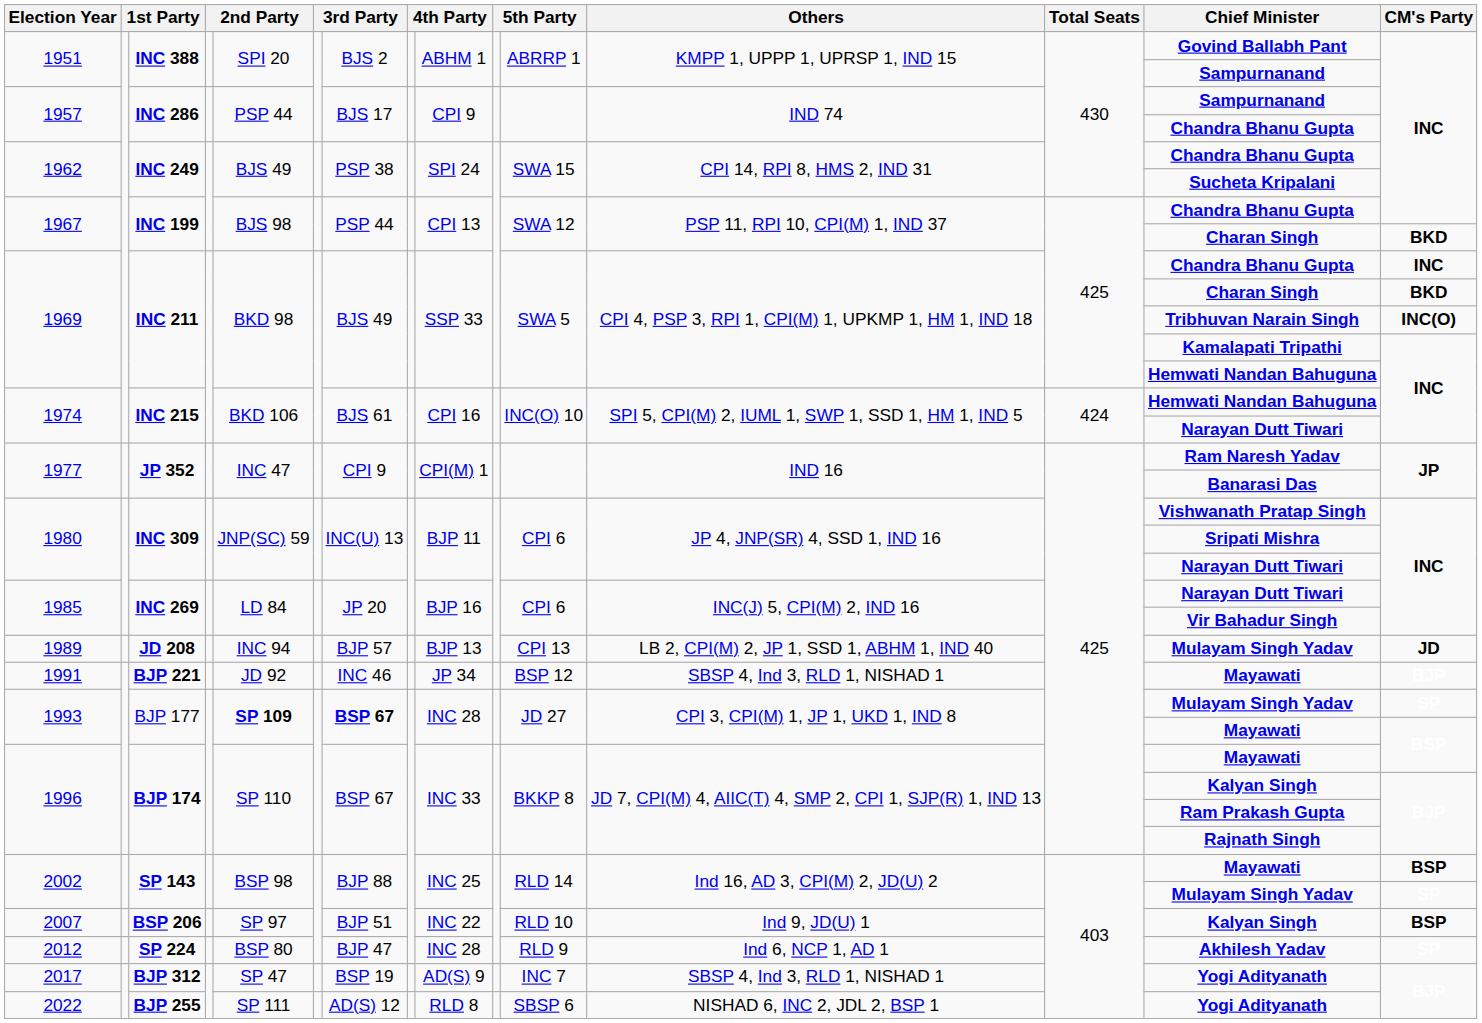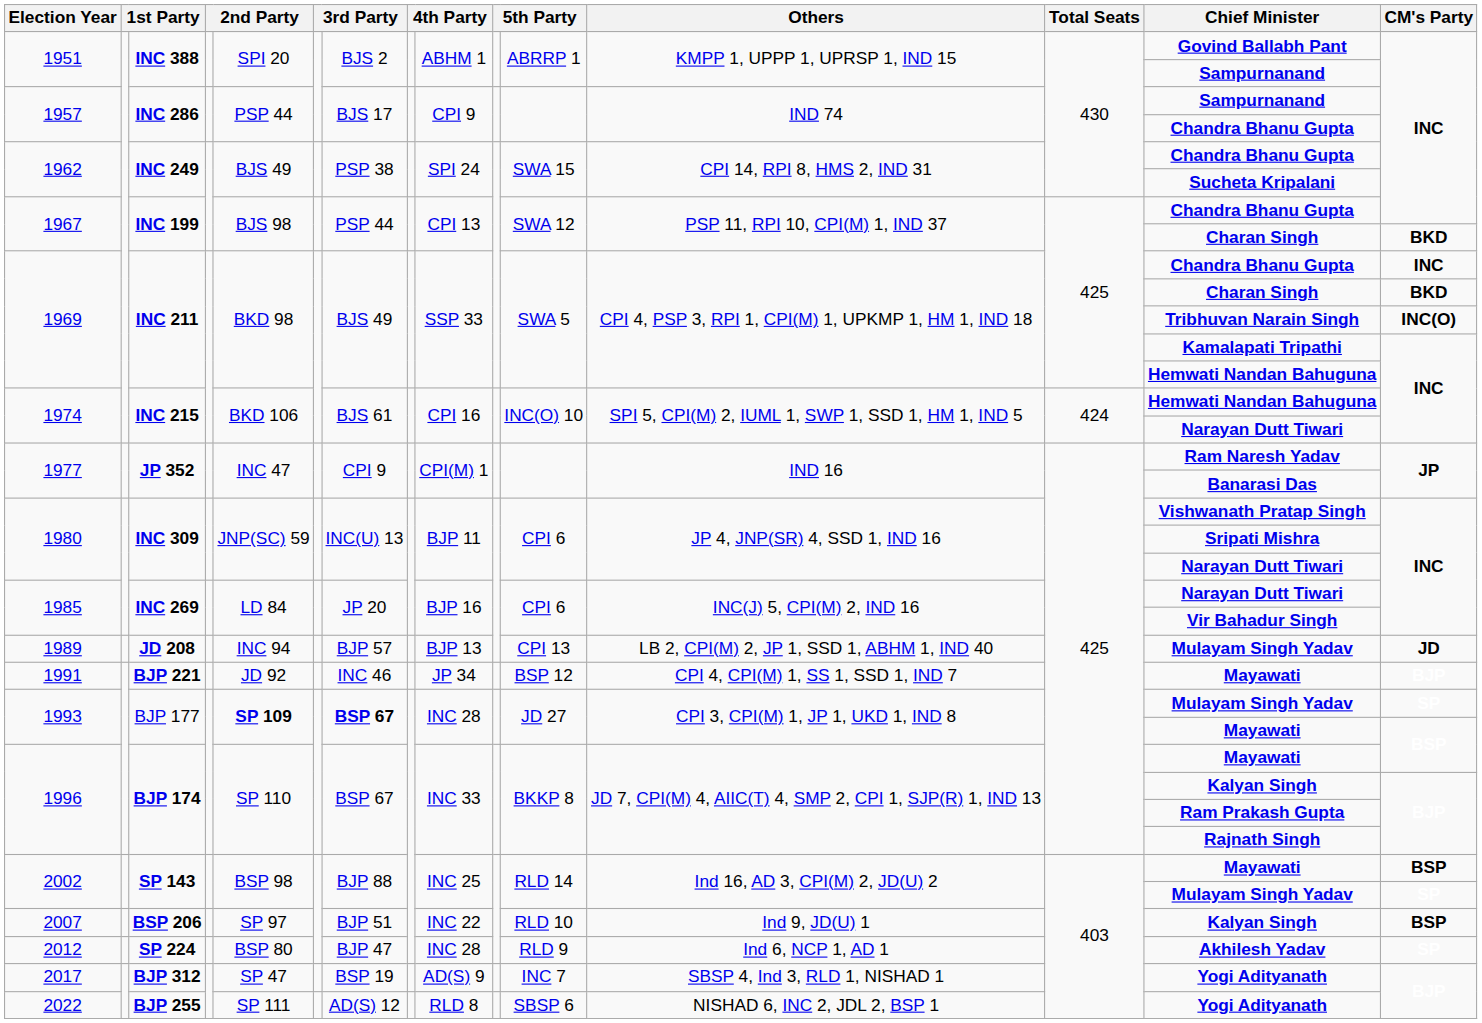 <table class="wikitable" style="text-align:center">
 <tr>
 <th>Election Year</th>
 <th colspan="2">1st Party</th>
 <th colspan="2">2nd Party</th>
 <th colspan="2">3rd Party</th>
 <th colspan="2">4th Party</th>
 <th colspan="2">5th Party</th>
 <th>Others</th>
 <th>Total Seats</th>
 <th>Chief Minister</th>
 <th>CM's Party</th>
 </tr>
 <tr>
 <td rowspan=2><a href='#'>1951</a></td>
 <td rowspan=15 style="background-color: "></td>
 <td rowspan=2><strong><a href='#'>INC</a> 388</strong></td>
 <td rowspan=2 style="background-color: "></td>
 <td rowspan=2><a href='#'>SPI</a> 20</td>
 <td rowspan=4 style="background-color: "></td>
 <td rowspan=2><a href='#'>BJS</a> 2</td>
 <td rowspan=2 style="background-color: "></td>
 <td rowspan=2><a href='#'>ABHM</a> 1</td>
 <td rowspan=2 style="background-color: "></td>
 <td rowspan=2><a href='#'>ABRRP</a> 1</td>
 <td rowspan=2><a href='#'>KMPP</a> 1, UPPP 1, UPRSP 1, <a href='#'>IND</a> 15</td>
 <td rowspan=6>430</td>
 <td><strong><a href='#'>Govind Ballabh Pant</a></strong></td>
 <td rowspan=7 style="background:"><strong>INC</strong></td>
 </tr>
 <tr>
 <td><strong><a href='#'>Sampurnanand</a></strong></td>
 </tr>
 <tr>
 <td rowspan=2><a href='#'>1957</a></td>
 <td rowspan=2><strong><a href='#'>INC</a> 286</strong></td>
 <td rowspan=2 style="background-color: "></td>
 <td rowspan=2><a href='#'>PSP</a> 44</td>
 <td rowspan=2><a href='#'>BJS</a> 17</td>
 <td rowspan=2 style="background-color: "></td>
 <td rowspan=2><a href='#'>CPI</a> 9</td>
 <td rowspan=2></td>
 <td rowspan=2></td>
 <td rowspan=2><a href='#'>IND</a> 74</td>
 <td><strong><a href='#'>Sampurnanand</a></strong></td>
 </tr>
 <tr>
 <td><strong><a href='#'>Chandra Bhanu Gupta</a></strong></td>
 </tr>
 <tr>
 <td rowspan=2><a href='#'>1962</a></td>
 <td rowspan=2><strong><a href='#'>INC</a> 249</strong></td>
 <td rowspan=4 style="background-color: "></td>
 <td rowspan=2><a href='#'>BJS</a> 49</td>
 <td rowspan=2 style="background-color: "></td>
 <td rowspan=2><a href='#'>PSP</a> 38</td>
 <td rowspan=2 style="background-color: "></td>
 <td rowspan=2><a href='#'>SPI</a> 24</td>
 <td rowspan=9 style="background-color: "></td>
 <td rowspan=2><a href='#'>SWA</a> 15</td>
 <td rowspan=2><a href='#'>CPI</a> 14, <a href='#'>RPI</a> 8, <a href='#'>HMS</a> 2, <a href='#'>IND</a> 31</td>
 <td><strong><a href='#'>Chandra Bhanu Gupta</a></strong></td>
 </tr>
 <tr>
 <td><strong><a href='#'>Sucheta Kripalani</a></strong></td>
 </tr>
 <tr>
 <td rowspan=2><a href='#'>1967</a></td>
 <td rowspan=2><strong><a href='#'>INC</a> 199</strong></td>
 <td rowspan=2><a href='#'>BJS</a> 98</td>
 <td rowspan=2 style="background-color: "></td>
 <td rowspan=2><a href='#'>PSP</a> 44</td>
 <td rowspan=2 style="background-color: "></td>
 <td rowspan=2><a href='#'>CPI</a> 13</td>
 <td rowspan=2><a href='#'>SWA</a> 12</td>
 <td rowspan=2><a href='#'>PSP</a> 11, <a href='#'>RPI</a> 10, <a href='#'>CPI(M)</a> 1, <a href='#'>IND</a> 37</td>
 <td rowspan=7>425</td>
 <td><strong><a href='#'>Chandra Bhanu Gupta</a></strong></td>
 </tr>
 <tr>
 <td><strong><a href='#'>Charan Singh</a></strong></td>
 <td style="background:"><strong>BKD</strong></td>
 </tr>
 <tr>
 <td rowspan=5><a href='#'>1969</a></td>
 <td rowspan=5><strong><a href='#'>INC</a> 211</strong></td>
 <td rowspan=7 style="background-color: "></td>
 <td rowspan=5><a href='#'>BKD</a> 98</td>
 <td rowspan=7 style="background-color: "></td>
 <td rowspan=5><a href='#'>BJS</a> 49</td>
 <td rowspan=5 style="background-color: "></td>
 <td rowspan=5><a href='#'>SSP</a> 33</td>
 <td rowspan=5><a href='#'>SWA</a> 5</td>
 <td rowspan=5><a href='#'>CPI</a> 4, <a href='#'>PSP</a> 3, <a href='#'>RPI</a> 1, <a href='#'>CPI(M)</a> 1, UPKMP 1, <a href='#'>HM</a> 1, <a href='#'>IND</a> 18</td>
 <td><strong><a href='#'>Chandra Bhanu Gupta</a></strong></td>
 <td style="background:"><strong>INC</strong></td>
 </tr>
 <tr>
 <td><strong><a href='#'>Charan Singh</a></strong></td>
 <td style="background:"><strong>BKD</strong></td>
 </tr>
 <tr>
 <td><strong><a href='#'>Tribhuvan Narain Singh</a></strong></td>
 <td style="background:"><strong>INC(O)</strong></td>
 </tr>
 <tr>
 <td><strong><a href='#'>Kamalapati Tripathi</a></strong></td>
 <td rowspan=4 style="background:"><strong>INC</strong></td>
 </tr>
 <tr>
 <td><strong><a href='#'>Hemwati Nandan Bahuguna</a></strong></td>
 </tr>
 <tr>
 <td rowspan=2><a href='#'>1974</a></td>
 <td rowspan=2><strong><a href='#'>INC</a> 215</strong></td>
 <td rowspan=2><a href='#'>BKD</a> 106</td>
 <td rowspan=2><a href='#'>BJS</a> 61</td>
 <td rowspan=2 style="background-color: "></td>
 <td rowspan=2><a href='#'>CPI</a> 16</td>
 <td rowspan=2 style="background-color: "></td>
 <td rowspan=2><a href='#'>INC(O)</a> 10</td>
 <td rowspan=2><a href='#'>SPI</a> 5, <a href='#'>CPI(M)</a> 2, <a href='#'>IUML</a> 1, <a href='#'>SWP</a> 1, SSD 1, <a href='#'>HM</a> 1, <a href='#'>IND</a> 5</td>
 <td rowspan=2>424</td>
 <td><strong><a href='#'>Hemwati Nandan Bahuguna</a></strong></td>
 </tr>
 <tr>
 <td><strong><a href='#'>Narayan Dutt Tiwari</a></strong></td>
 </tr>
 <tr>
 <td rowspan=2><a href='#'>1977</a></td>
 <td rowspan=2 style="background-color: "></td>
 <td rowspan=2><strong><a href='#'>JP</a> 352</strong></td>
 <td rowspan=2 style="background-color: "></td>
 <td rowspan=2><a href='#'>INC</a> 47</td>
 <td rowspan=2 style="background-color: "></td>
 <td rowspan=2><a href='#'>CPI</a> 9</td>
 <td rowspan=2 style="background-color: "></td>
 <td rowspan=2><a href='#'>CPI(M)</a> 1</td>
 <td rowspan=2></td>
 <td rowspan=2></td>
 <td rowspan=2><a href='#'>IND</a> 16</td>
 <td rowspan=15>425</td>
 <td><strong><a href='#'>Ram Naresh Yadav</a></strong></td>
 <td rowspan=2 style="background:"><strong>JP</strong></td>
 </tr>
 <tr>
 <td><strong><a href='#'>Banarasi Das</a></strong></td>
 </tr>
 <tr>
 <td rowspan=3><a href='#'>1980</a></td>
 <td rowspan=5 style="background-color: "></td>
 <td rowspan=3><strong><a href='#'>INC</a> 309</strong></td>
 <td rowspan=3 style="background-color: "></td>
 <td rowspan=3><a href='#'>JNP(SC)</a> 59</td>
 <td rowspan=3 style="background-color: "></td>
 <td rowspan=3><a href='#'>INC(U)</a> 13</td>
 <td rowspan=5 style="background-color: "></td>
 <td rowspan=3><a href='#'>BJP</a> 11</td>
 <td rowspan=6 style="background-color: "></td>
 <td rowspan=3><a href='#'>CPI</a> 6</td>
 <td rowspan=3><a href='#'>JP</a> 4, <a href='#'>JNP(SR)</a> 4, SSD 1, <a href='#'>IND</a> 16</td>
 <td><strong><a href='#'>Vishwanath Pratap Singh</a></strong></td>
 <td rowspan=5 style="background:"><strong>INC</strong></td>
 </tr>
 <tr>
 <td><strong><a href='#'>Sripati Mishra</a></strong></td>
 </tr>
 <tr>
 <td><strong><a href='#'>Narayan Dutt Tiwari</a></strong></td>
 </tr>
 <tr>
 <td rowspan=2><a href='#'>1985</a></td>
 <td rowspan=2><strong><a href='#'>INC</a> 269</strong></td>
 <td rowspan=2 style="background-color: "></td>
 <td rowspan=2><a href='#'>LD</a> 84</td>
 <td rowspan=2 style="background-color: "></td>
 <td rowspan=2><a href='#'>JP</a> 20</td>
 <td rowspan=2><a href='#'>BJP</a> 16</td>
 <td rowspan=2><a href='#'>CPI</a> 6</td>
 <td rowspan=2><a href='#'>INC(J)</a> 5, <a href='#'>CPI(M)</a> 2, <a href='#'>IND</a> 16</td>
 <td><strong><a href='#'>Narayan Dutt Tiwari</a></strong></td>
 </tr>
 <tr>
 <td><strong><a href='#'>Vir Bahadur Singh</a></strong></td>
 </tr>
 <tr>
 <td><a href='#'>1989</a></td>
 <td style="background-color: "></td>
 <td><strong><a href='#'>JD</a> 208</strong></td>
 <td style="background-color: "></td>
 <td><a href='#'>INC</a> 94</td>
 <td style="background-color: "></td>
 <td><a href='#'>BJP</a> 57</td>
 <td style="background-color: "></td>
 <td><a href='#'>BJP</a> 13</td>
 <td><a href='#'>CPI</a> 13</td>
 <td>LB 2, <a href='#'>CPI(M)</a> 2, <a href='#'>JP</a> 1, SSD 1, <a href='#'>ABHM</a> 1, <a href='#'>IND</a> 40</td>
 <td><strong><a href='#'>Mulayam Singh Yadav</a></strong></td>
 <td style="background:"><strong>JD</strong></td>
 </tr>
 <tr>
 <td><a href='#'>1991</a></td>
 <td rowspan=7 style="background-color: "></td>
 <td><strong><a href='#'>BJP</a> 221</strong></td>
 <td style="background-color: "></td>
 <td><a href='#'>JD</a> 92</td>
 <td style="background-color: "></td>
 <td><a href='#'>INC</a> 46</td>
 <td style="background-color: "></td>
 <td><a href='#'>JP</a> 34</td>
 <td style="background-color: "></td>
 <td><a href='#'>BSP</a> 12</td>
-<td><a href='#'>SBSP</a> 4, <a href='#'>Ind</a> 3, <a href='#'>RLD</a> 1, NISHAD 1</td>
+<td><a href='#'>CPI</a> 4, <a href='#'>CPI(M)</a> 1, <a href='#'>SS</a> 1, SSD 1, <a href='#'>IND</a> 7</td>
 <td><strong><a href='#'>Mayawati</a></strong></td>
 <td style="color:white;background:"><strong>BJP</strong></td>
 </tr>
 <tr>
 <td rowspan=2><a href='#'>1993</a></td>
 <td rowspan=2><a href='#'>BJP</a> 177</td>
 <td rowspan=6 style="background-color: "></td>
 <td rowspan=2><strong><a href='#'>SP</a> 109</strong></td>
 <td rowspan=6 style="background-color: "></td>
 <td rowspan=2><strong><a href='#'>BSP</a> 67</strong></td>
 <td rowspan=10 style="background-color: "></td>
 <td rowspan=2><a href='#'>INC</a> 28</td>
 <td rowspan=2 style="background-color: "></td>
 <td rowspan=2><a href='#'>JD</a> 27</td>
 <td rowspan=2><a href='#'>CPI</a> 3, <a href='#'>CPI(M)</a> 1, <a href='#'>JP</a> 1, <a href='#'>UKD</a> 1, <a href='#'>IND</a> 8</td>
 <td><strong><a href='#'>Mulayam Singh Yadav</a></strong></td>
 <td style="color:white;background:"><strong>SP</strong></td>
 </tr>
 <tr>
 <td><strong><a href='#'>Mayawati</a></strong></td>
 <td rowspan=2 style="color:white;background:"><strong>BSP</strong></td>
 </tr>
 <tr>
 <td rowspan=4><a href='#'>1996</a></td>
 <td rowspan=4><strong><a href='#'>BJP</a> 174</strong></td>
 <td rowspan=4><a href='#'>SP</a> 110</td>
 <td rowspan=4><a href='#'>BSP</a> 67</td>
 <td rowspan=4><a href='#'>INC</a> 33</td>
 <td rowspan=4 style="background-color: "></td>
 <td rowspan=4><a href='#'>BKKP</a> 8</td>
 <td rowspan=4><a href='#'>JD</a> 7, <a href='#'>CPI(M)</a> 4, <a href='#'>AIIC(T)</a> 4, <a href='#'>SMP</a> 2, <a href='#'>CPI</a> 1, <a href='#'>SJP(R)</a> 1, <a href='#'>IND</a> 13</td>
 <td><strong><a href='#'>Mayawati</a></strong></td>
 </tr>
 <tr>
 <td><strong><a href='#'>Kalyan Singh</a></strong></td>
 <td rowspan=3 style="color:white;background:"><strong>BJP</strong></td>
 </tr>
 <tr>
 <td><strong><a href='#'>Ram Prakash Gupta</a></strong></td>
 </tr>
 <tr>
 <td><strong><a href='#'>Rajnath Singh</a></strong></td>
 </tr>
 <tr>
 <td rowspan=2><a href='#'>2002</a></td>
 <td rowspan=2 style="background-color: "></td>
 <td rowspan=2><strong><a href='#'>SP</a> 143</strong></td>
 <td rowspan=2 style="background-color: "></td>
 <td rowspan=2><a href='#'>BSP</a> 98</td>
 <td rowspan=4 style="background-color: "></td>
 <td rowspan=2><a href='#'>BJP</a> 88</td>
 <td rowspan=2><a href='#'>INC</a> 25</td>
 <td rowspan=4 style="background-color: "></td>
 <td rowspan=2><a href='#'>RLD</a> 14</td>
 <td rowspan=2><a href='#'>Ind</a> 16, <a href='#'>AD</a> 3, <a href='#'>CPI(M)</a> 2, <a href='#'>JD(U)</a> 2</td>
 <td rowspan=6>403</td>
 <td><strong><a href='#'>Mayawati</a></strong></td>
 <td style="background:"><strong>BSP</strong></td>
 </tr>
 <tr>
 <td><strong><a href='#'>Mulayam Singh Yadav</a></strong></td>
 <td style="color:white;background:"><strong>SP</strong></td>
 </tr>
 <tr>
 <td><a href='#'>2007</a></td>
 <td style="background-color: "></td>
 <td><strong><a href='#'>BSP</a> 206</strong></td>
 <td style="background-color: "></td>
 <td><a href='#'>SP</a> 97</td>
 <td><a href='#'>BJP</a> 51</td>
 <td><a href='#'>INC</a> 22</td>
 <td><a href='#'>RLD</a> 10</td>
 <td><a href='#'>Ind</a> 9, <a href='#'>JD(U)</a> 1</td>
 <td><strong><a href='#'>Kalyan Singh</a></strong></td>
 <td style="background:"><strong>BSP</strong></td>
 </tr>
 <tr>
 <td><a href='#'>2012</a></td>
 <td style="background-color: "></td>
 <td><strong><a href='#'>SP</a> 224</strong></td>
 <td style="background-color: "></td>
 <td><a href='#'>BSP</a> 80</td>
 <td><a href='#'>BJP</a> 47</td>
 <td><a href='#'>INC</a> 28</td>
 <td><a href='#'>RLD</a> 9</td>
 <td><a href='#'>Ind</a> 6, <a href='#'>NCP</a> 1, <a href='#'>AD</a> 1</td>
 <td><strong><a href='#'>Akhilesh Yadav</a></strong></td>
 <td style="color:white;background:"><strong>SP</strong></td>
 </tr>
 <tr>
 <td><a href='#'>2017</a></td>
 <td rowspan=2 style="background-color: "></td>
 <td><strong><a href='#'>BJP</a> 312</strong></td>
 <td rowspan=2 style="background-color: "></td>
 <td><a href='#'>SP</a> 47</td>
 <td style="background-color: "></td>
 <td><a href='#'>BSP</a> 19</td>
 <td style="background-color: "></td>
 <td><a href='#'>AD(S)</a> 9</td>
 <td style="background-color: "></td>
 <td><a href='#'>INC</a> 7</td>
 <td><a href='#'>SBSP</a> 4, <a href='#'>Ind</a> 3, <a href='#'>RLD</a> 1, NISHAD 1</td>
 <td><strong><a href='#'>Yogi Adityanath</a></strong></td>
 <td rowspan=2 style="color:white;background:"><strong>BJP</strong></td>
 </tr>
 <tr>
 <td><a href='#'>2022</a></td>
 <td><strong><a href='#'>BJP</a> 255</strong></td>
 <td><a href='#'>SP</a> 111</td>
 <td style="background-color: "></td>
 <td><a href='#'>AD(S)</a> 12</td>
 <td style="background-color: "></td>
 <td><a href='#'>RLD</a> 8</td>
 <td style="background-color: "></td>
 <td><a href='#'>SBSP</a> 6</td>
 <td>NISHAD 6, <a href='#'>INC</a> 2, JDL 2, <a href='#'>BSP</a> 1</td>
 <td><strong><a href='#'>Yogi Adityanath</a></strong></td>
 </tr>
 <tr>
 </tr>
 </table>
